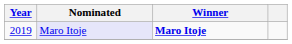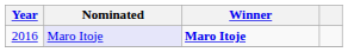 <table class="wikitable">
 <tr>
 <th width=40><a href='#'>Year</a></th>
 <th width=160>Nominated</th>
 <th width=160><a href='#'>Winner</a></th>
 <th width=20></th>
 </tr>
 <tr>
-<td align=center><a href='#'>2019</a></td>
+<td align=center><a href='#'>2016</a></td>
 <td style="background: lavender;"> <a href='#'>Maro Itoje</a></td>
 <td> <strong><a href='#'>Maro Itoje</a></strong></td>
 <td align=center></td>
 </tr>
 <tr>
 </tr>
 </table>
